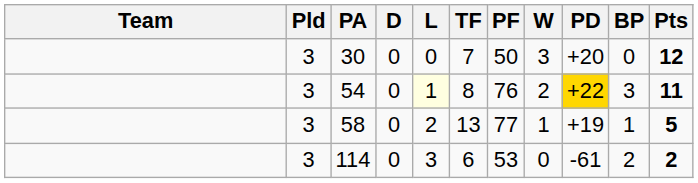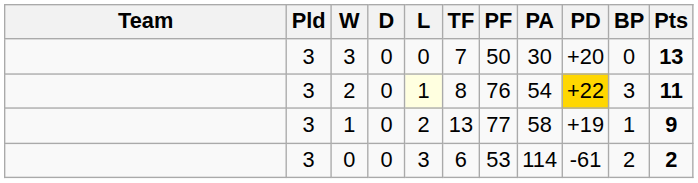 <table class="wikitable" style="text-align:center">
 <tr>
 <th width="200">Team</th>
 <th width="20">Pld</th>
-<th width="20">PA</th>
+<th width="20">W</th>
 <th width="20">D</th>
 <th width="20">L</th>
 <th width="20">TF</th>
 <th width="20">PF</th>
-<th width="20">W</th>
+<th width="20">PA</th>
 <th width="25">PD</th>
 <th width="20">BP</th>
 <th width="20">Pts</th>
 </tr>
 <tr>
 <td align=left></td>
 <td>3</td>
-<td>30</td>
+<td>3</td>
 <td>0</td>
 <td>0</td>
 <td>7</td>
 <td>50</td>
-<td>3</td>
+<td>30</td>
 <td>+20</td>
 <td>0</td>
-<td><strong>12</strong></td>
+<td><strong>13</strong></td>
 </tr>
 <tr>
 <td align=left></td>
 <td>3</td>
-<td>54</td>
+<td>2</td>
 <td>0</td>
 <td style="background: lightyellow;">1</td>
 <td>8</td>
 <td>76</td>
-<td>2</td>
+<td>54</td>
 <td style="background: gold;">+22</td>
 <td>3</td>
 <td><strong>11</strong></td>
 </tr>
 <tr>
 <td align=left></td>
 <td>3</td>
-<td>58</td>
+<td>1</td>
 <td>0</td>
 <td>2</td>
 <td>13</td>
 <td>77</td>
-<td>1</td>
+<td>58</td>
 <td>+19</td>
 <td>1</td>
-<td><strong>5</strong></td>
+<td><strong>9</strong></td>
 </tr>
 <tr>
 <td align=left></td>
 <td>3</td>
-<td>114</td>
+<td>0</td>
 <td>0</td>
 <td>3</td>
 <td>6</td>
 <td>53</td>
-<td>0</td>
+<td>114</td>
 <td>-61</td>
 <td>2</td>
 <td><strong>2</strong></td>
 </tr>
 </table>
